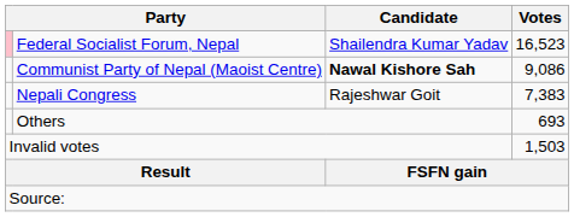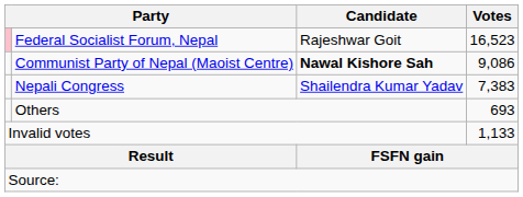 <table class="wikitable">
 <tr>
 <th colspan="2">Party</th>
 <th>Candidate</th>
 <th>Votes</th>
 </tr>
 <tr>
 <td style="background-color:#ffc0cb"></td>
 <td><a href='#'>Federal Socialist Forum, Nepal</a></td>
-<td><a href='#'>Shailendra Kumar Yadav</a></td>
+<td>Rajeshwar Goit</td>
 <td style="text-align:right">16,523</td>
 </tr>
 <tr>
 <td style="background-color:"></td>
 <td><a href='#'>Communist Party of Nepal (Maoist Centre)</a></td>
 <td><strong>Nawal Kishore Sah</strong></td>
 <td style="text-align:right">9,086</td>
 </tr>
 <tr>
 <td style="background-color:"></td>
 <td><a href='#'>Nepali Congress</a></td>
-<td>Rajeshwar Goit</td>
+<td><a href='#'>Shailendra Kumar Yadav</a></td>
 <td style="text-align:right">7,383</td>
 </tr>
 <tr>
 <td></td>
 <td colspan="2">Others</td>
 <td style="text-align:right">693</td>
 </tr>
 <tr>
 <td colspan="3">Invalid votes</td>
-<td style="text-align:right">1,503</td>
+<td style="text-align:right">1,133</td>
 </tr>
 <tr>
 <th colspan="2">Result</th>
 <th colspan="2">FSFN gain</th>
 </tr>
 <tr>
 <td colspan="4">Source: </td>
 </tr>
 </table>
